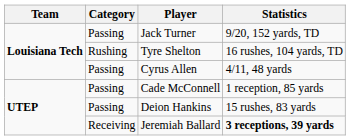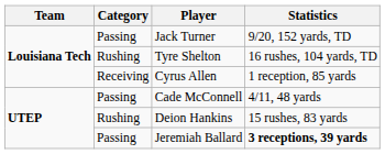 <table class="wikitable" style="float: left;">
 <tr>
 <th>Team</th>
 <th>Category</th>
 <th>Player</th>
 <th>Statistics</th>
 </tr>
 <tr>
 <td rowspan=3><strong>Louisiana Tech</strong></td>
 <td>Passing</td>
 <td>Jack Turner</td>
 <td>9/20, 152 yards, TD</td>
 </tr>
 <tr>
 <td>Rushing</td>
 <td>Tyre Shelton</td>
 <td>16 rushes, 104 yards, TD</td>
 </tr>
 <tr>
-<td>Passing</td>
+<td>Receiving</td>
 <td>Cyrus Allen</td>
-<td>4/11, 48 yards</td>
+<td>1 reception, 85 yards</td>
 </tr>
 <tr>
 <td rowspan=3><strong>UTEP</strong></td>
 <td>Passing</td>
 <td>Cade McConnell</td>
-<td>1 reception, 85 yards</td>
+<td>4/11, 48 yards</td>
 </tr>
 <tr>
-<td>Passing</td>
+<td>Rushing</td>
 <td>Deion Hankins</td>
 <td>15 rushes, 83 yards</td>
 </tr>
 <tr>
-<td>Receiving</td>
+<td>Passing</td>
 <td>Jeremiah Ballard</td>
 <td><strong>3 receptions, 39 yards</strong></td>
 </tr>
 </table>
